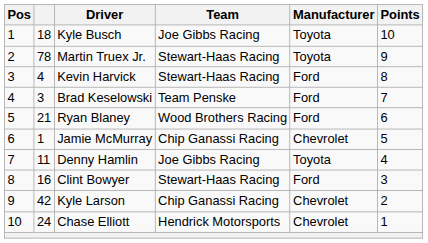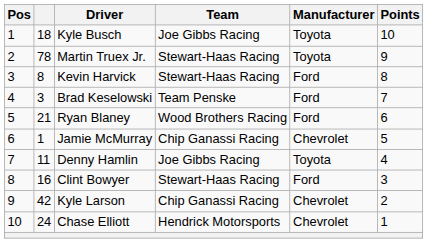 <table class="wikitable" style="font-size:98%">
 <tr>
 <th>Pos</th>
 <th></th>
 <th>Driver</th>
 <th>Team</th>
 <th>Manufacturer</th>
 <th>Points</th>
 </tr>
 <tr>
 <td>1</td>
 <td>18</td>
 <td>Kyle Busch</td>
 <td>Joe Gibbs Racing</td>
 <td>Toyota</td>
 <td>10</td>
 </tr>
 <tr>
 <td>2</td>
 <td>78</td>
 <td>Martin Truex Jr.</td>
 <td>Stewart-Haas Racing</td>
 <td>Toyota</td>
 <td>9</td>
 </tr>
 <tr>
 <td>3</td>
-<td>4</td>
+<td>8</td>
 <td>Kevin Harvick</td>
 <td>Stewart-Haas Racing</td>
 <td>Ford</td>
 <td>8</td>
 </tr>
 <tr>
 <td>4</td>
 <td>3</td>
 <td>Brad Keselowski</td>
 <td>Team Penske</td>
 <td>Ford</td>
 <td>7</td>
 </tr>
 <tr>
 <td>5</td>
 <td>21</td>
 <td>Ryan Blaney</td>
 <td>Wood Brothers Racing</td>
 <td>Ford</td>
 <td>6</td>
 </tr>
 <tr>
 <td>6</td>
 <td>1</td>
 <td>Jamie McMurray</td>
 <td>Chip Ganassi Racing</td>
 <td>Chevrolet</td>
 <td>5</td>
 </tr>
 <tr>
 <td>7</td>
 <td>11</td>
 <td>Denny Hamlin</td>
 <td>Joe Gibbs Racing</td>
 <td>Toyota</td>
 <td>4</td>
 </tr>
 <tr>
 <td>8</td>
 <td>16</td>
 <td>Clint Bowyer</td>
 <td>Stewart-Haas Racing</td>
 <td>Ford</td>
 <td>3</td>
 </tr>
 <tr>
 <td>9</td>
 <td>42</td>
 <td>Kyle Larson</td>
 <td>Chip Ganassi Racing</td>
 <td>Chevrolet</td>
 <td>2</td>
 </tr>
 <tr>
 <td>10</td>
 <td>24</td>
 <td>Chase Elliott</td>
 <td>Hendrick Motorsports</td>
 <td>Chevrolet</td>
 <td>1</td>
 </tr>
 <tr>
 <th colspan="6"></th>
 </tr>
 </table>
